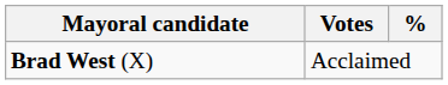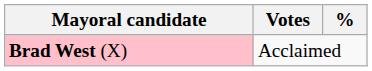 <table class="wikitable">
 <tr>
 <th width="200px">Mayoral candidate</th>
 <th width="50px">Votes</th>
 <th width="30px">%</th>
 </tr>
 <tr>
-<td><strong>Brad West</strong> (X) </td>
+<td style="background: pink;"><strong>Brad West</strong> (X) </td>
 <td colspan="2">Acclaimed</td>
 </tr>
 </table>
